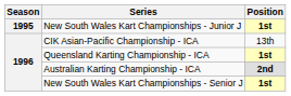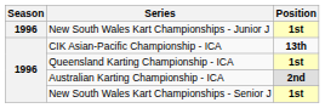 <table class="wikitable" style="font-size: 85%; text-align:center">
 <tr>
 <th>Season</th>
 <th>Series</th>
 <th>Position</th>
 </tr>
 <tr>
-<th>1995</th>
+<th>1996</th>
 <td align="left">New South Wales Kart Championships - Junior J</td>
 <td align="center" style="background: #ffffbf"><strong>1st</strong></td>
 </tr>
 <tr>
 <th rowspan=4>1996</th>
 <td align="left">CIK Asian-Pacific Championship - ICA</td>
-<td align="center">13th</td>
+<td align="center"><strong>13th</strong></td>
 </tr>
 <tr>
 <td align="left">Queensland Karting Championship - ICA</td>
 <td align="center" style="background: #ffffbf"><strong>1st</strong></td>
 </tr>
 <tr>
 <td align="left">Australian Karting Championship - ICA</td>
 <td style="background: #dfdfdf"><strong>2nd</strong></td>
 </tr>
 <tr>
 <td align="left">New South Wales Kart Championships - Senior J</td>
 <td align="center" style="background: #ffffbf"><strong>1st</strong></td>
 </tr>
 </table>
